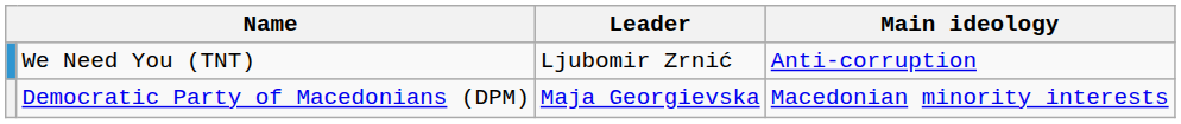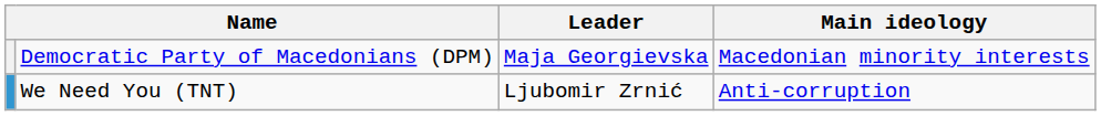 <table class="wikitable" style="text-align">
 <tr>
 <th colspan="2">Name</th>
 <th>Leader</th>
 <th>Main ideology</th>
 </tr>
 <tr>
+<th style="background-color:"></th>
+<td><a href='#'>Democratic Party of Macedonians</a> (DPM)</td>
+<td><a href='#'>Maja Georgievska</a></td>
+<td><a href='#'>Macedonian</a> <a href='#'>minority interests</a></td>
+</tr>
+<tr>
 <th style="background-color:#2F96D1"></th>
 <td>We Need You (TNT)</td>
 <td>Ljubomir Zrnić</td>
 <td><a href='#'>Anti-corruption</a></td>
 </tr>
-<tr>
-<th style="background-color:"></th>
-<td><a href='#'>Democratic Party of Macedonians</a> (DPM)</td>
-<td><a href='#'>Maja Georgievska</a></td>
-<td><a href='#'>Macedonian</a> <a href='#'>minority interests</a></td>
-</tr>
 </table>
